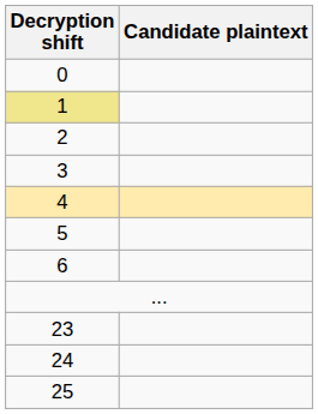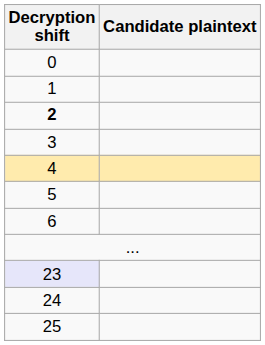 <table class="wikitable" align="right" style="margin: 0 0 1em 1em">
 <tr>
 <th>Decryption<br>shift</th>
 <th>Candidate plaintext</th>
 </tr>
 <tr align="center">
 <td>0</td>
 <td></td>
 </tr>
 <tr align="center">
-<td style="background: khaki;">1</td>
+<td>1</td>
 <td></td>
 </tr>
 <tr align="center">
-<td>2</td>
+<td><strong>2</strong></td>
 <td></td>
 </tr>
 <tr align="center">
 <td>3</td>
 <td></td>
 </tr>
 <tr align="center">
 <td bgcolor="#ffebad">4</td>
 <td bgcolor="#ffebad"></td>
 </tr>
 <tr align="center">
 <td>5</td>
 <td></td>
 </tr>
 <tr align="center">
 <td>6</td>
 <td></td>
 </tr>
 <tr align="center">
 <td colspan="2">...</td>
 </tr>
 <tr align="center">
-<td>23</td>
+<td style="background: lavender;">23</td>
 <td></td>
 </tr>
 <tr align="center">
 <td>24</td>
 <td></td>
 </tr>
 <tr align="center">
 <td>25</td>
 <td></td>
 </tr>
 </table>
